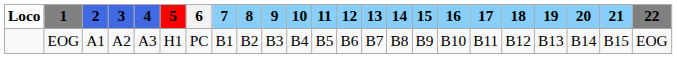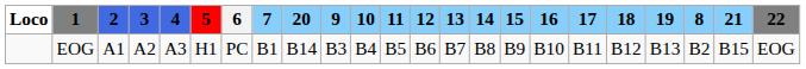 <table class="wikitable plainrowheaders unsortable" style="text-align:center">
 <tr>
 <th scope="col" rowspan="1" style="background:white;">Loco</th>
 <th scope="col" rowspan="1" style="background:grey;">1</th>
 <th scope="col" rowspan="1" style="background:royalblue;">2</th>
 <th scope="col" rowspan="1" style="background:royalblue;">3</th>
 <th scope="col" rowspan="1" style="background:royalblue;">4</th>
 <th scope="col" rowspan="1" style="background:red;">5</th>
 <th scope="col" rowspan="1" style="background:neon;">6</th>
 <th scope="col" rowspan="1" style="background:lightskyblue;">7</th>
-<th scope="col" rowspan="1" style="background:lightskyblue;">8</th>
+<th scope="col" rowspan="1" style="background:lightskyblue;">20</th>
 <th scope="col" rowspan="1" style="background:lightskyblue;">9</th>
 <th scope="col" rowspan="1" style="background:lightskyblue;">10</th>
 <th scope="col" rowspan="1" style="background:lightskyblue;">11</th>
 <th scope="col" rowspan="1" style="background:lightskyblue;">12</th>
 <th scope="col" rowspan="1" style="background:lightskyblue;">13</th>
 <th scope="col" rowspan="1" style="background:lightskyblue;">14</th>
 <th scope="col" rowspan="1" style="background:lightskyblue;">15</th>
 <th scope="col" rowspan="1" style="background:lightskyblue;">16</th>
 <th scope="col" rowspan="1" style="background:lightskyblue;">17</th>
 <th scope="col" rowspan="1" style="background:lightskyblue;">18</th>
 <th scope="col" rowspan="1" style="background:lightskyblue;">19</th>
-<th scope="col" rowspan="1" style="background:lightskyblue;">20</th>
+<th scope="col" rowspan="1" style="background:lightskyblue;">8</th>
 <th scope="col" rowspan="1" style="background:lightskyblue;">21</th>
 <th scope="col" rowspan="1" style="background:grey;">22</th>
 </tr>
 <tr>
 <td></td>
 <td>EOG</td>
 <td>A1</td>
 <td>A2</td>
 <td>A3</td>
 <td>H1</td>
 <td>PC</td>
 <td>B1</td>
-<td>B2</td>
+<td>B14</td>
 <td>B3</td>
 <td>B4</td>
 <td>B5</td>
 <td>B6</td>
 <td>B7</td>
 <td>B8</td>
 <td>B9</td>
 <td>B10</td>
 <td>B11</td>
 <td>B12</td>
 <td>B13</td>
-<td>B14</td>
+<td>B2</td>
 <td>B15</td>
 <td>EOG</td>
 </tr>
 </table>
